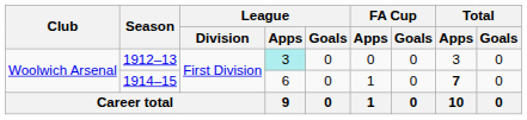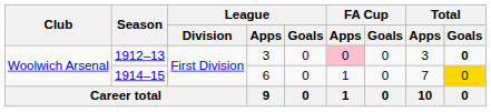 <table class="wikitable" style="text-align: center;">
 <tr>
 <th rowspan="2">Club</th>
 <th rowspan="2">Season</th>
 <th colspan="3">League</th>
 <th colspan="2">FA Cup</th>
 <th colspan="2">Total</th>
 </tr>
 <tr>
 <th>Division</th>
 <th>Apps</th>
 <th>Goals</th>
 <th>Apps</th>
 <th>Goals</th>
 <th>Apps</th>
 <th>Goals</th>
 </tr>
 <tr>
 <td rowspan="2"><a href='#'>Woolwich Arsenal</a></td>
 <td><a href='#'>1912–13</a></td>
 <td rowspan="2"><a href='#'>First Division</a></td>
-<td style="background: paleturquoise;">3</td>
+<td>3</td>
 <td>0</td>
-<td>0</td>
+<td style="background: pink;">0</td>
 <td>0</td>
 <td>3</td>
-<td>0</td>
+<td><strong>0</strong></td>
 </tr>
 <tr>
 <td><a href='#'>1914–15</a></td>
 <td>6</td>
 <td>0</td>
 <td>1</td>
 <td>0</td>
-<td><strong>7</strong></td>
-<td>0</td>
+<td>7</td>
+<td style="background: gold;">0</td>
 </tr>
 <tr>
 <th colspan="3">Career total</th>
 <th>9</th>
 <th>0</th>
 <th>1</th>
 <th>0</th>
 <th>10</th>
 <th>0</th>
 </tr>
 </table>
